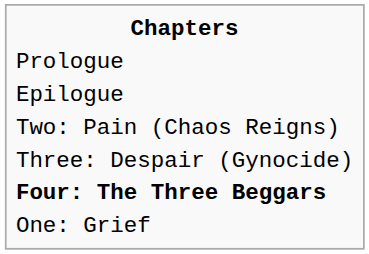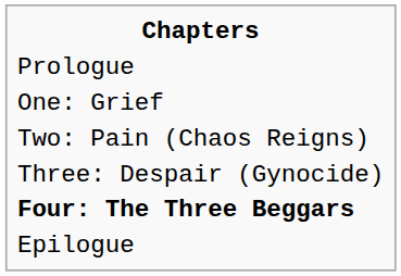 <table class="infobox">
 <tr>
 <th style="font-size:100%; text-align: center;">Chapters</th>
 </tr>
 <tr>
 <td>Prologue</td>
 </tr>
 <tr>
-<td>Epilogue</td>
+<td>One: Grief</td>
 </tr>
 <tr>
 <td>Two: Pain (Chaos Reigns)</td>
 </tr>
 <tr>
 <td>Three: Despair (Gynocide)</td>
 </tr>
 <tr>
 <td><strong>Four: The Three Beggars</strong></td>
 </tr>
 <tr>
-<td>One: Grief</td>
+<td>Epilogue</td>
 </tr>
 </table>
